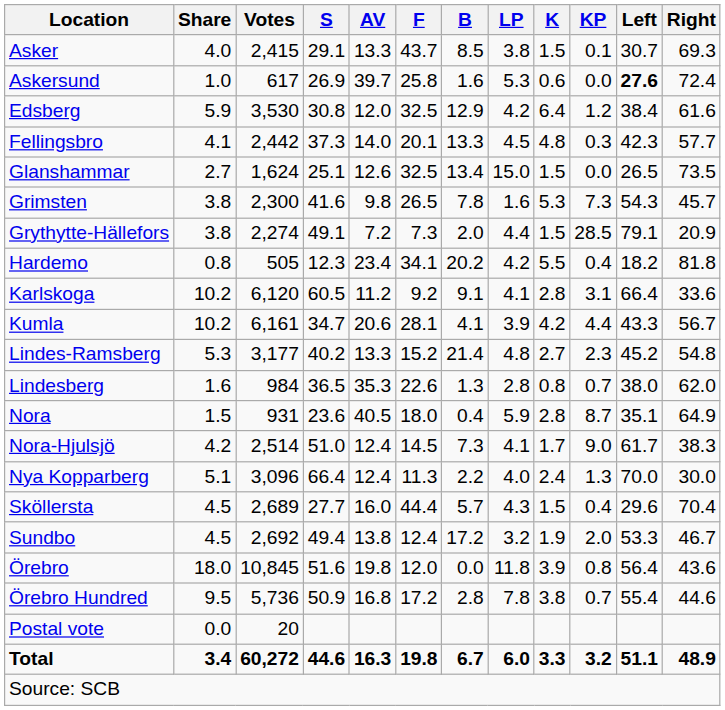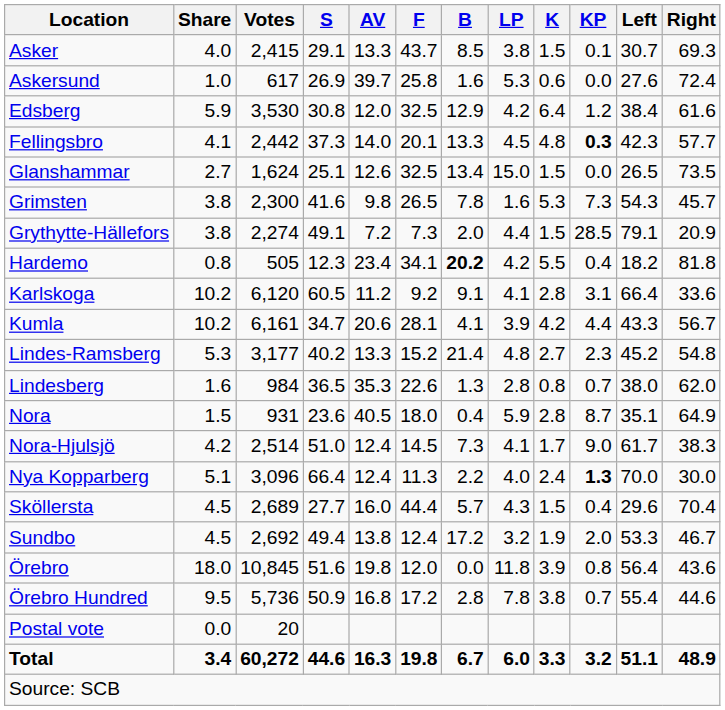 <table class="wikitable sortable" style=text-align:right>
 <tr>
 <th>Location</th>
 <th>Share</th>
 <th>Votes</th>
 <th><a href='#'>S</a></th>
 <th><a href='#'>AV</a></th>
 <th><a href='#'>F</a></th>
 <th><a href='#'>B</a></th>
 <th><a href='#'>LP</a></th>
 <th><a href='#'>K</a></th>
 <th><a href='#'>KP</a></th>
 <th>Left</th>
 <th>Right</th>
 </tr>
 <tr>
 <td align=left><a href='#'>Asker</a></td>
 <td>4.0</td>
 <td>2,415</td>
 <td>29.1</td>
 <td>13.3</td>
 <td>43.7</td>
 <td>8.5</td>
 <td>3.8</td>
 <td>1.5</td>
 <td>0.1</td>
 <td>30.7</td>
 <td>69.3</td>
 </tr>
 <tr>
 <td align=left><a href='#'>Askersund</a></td>
 <td>1.0</td>
 <td>617</td>
 <td>26.9</td>
 <td>39.7</td>
 <td>25.8</td>
 <td>1.6</td>
 <td>5.3</td>
 <td>0.6</td>
 <td>0.0</td>
-<td><strong>27.6</strong></td>
+<td>27.6</td>
 <td>72.4</td>
 </tr>
 <tr>
 <td align=left><a href='#'>Edsberg</a></td>
 <td>5.9</td>
 <td>3,530</td>
 <td>30.8</td>
 <td>12.0</td>
 <td>32.5</td>
 <td>12.9</td>
 <td>4.2</td>
 <td>6.4</td>
 <td>1.2</td>
 <td>38.4</td>
 <td>61.6</td>
 </tr>
 <tr>
 <td align=left><a href='#'>Fellingsbro</a></td>
 <td>4.1</td>
 <td>2,442</td>
 <td>37.3</td>
 <td>14.0</td>
 <td>20.1</td>
 <td>13.3</td>
 <td>4.5</td>
 <td>4.8</td>
-<td>0.3</td>
+<td><strong>0.3</strong></td>
 <td>42.3</td>
 <td>57.7</td>
 </tr>
 <tr>
 <td align=left><a href='#'>Glanshammar</a></td>
 <td>2.7</td>
 <td>1,624</td>
 <td>25.1</td>
 <td>12.6</td>
 <td>32.5</td>
 <td>13.4</td>
 <td>15.0</td>
 <td>1.5</td>
 <td>0.0</td>
 <td>26.5</td>
 <td>73.5</td>
 </tr>
 <tr>
 <td align=left><a href='#'>Grimsten</a></td>
 <td>3.8</td>
 <td>2,300</td>
 <td>41.6</td>
 <td>9.8</td>
 <td>26.5</td>
 <td>7.8</td>
 <td>1.6</td>
 <td>5.3</td>
 <td>7.3</td>
 <td>54.3</td>
 <td>45.7</td>
 </tr>
 <tr>
 <td align=left><a href='#'>Grythytte-Hällefors</a></td>
 <td>3.8</td>
 <td>2,274</td>
 <td>49.1</td>
 <td>7.2</td>
 <td>7.3</td>
 <td>2.0</td>
 <td>4.4</td>
 <td>1.5</td>
 <td>28.5</td>
 <td>79.1</td>
 <td>20.9</td>
 </tr>
 <tr>
 <td align=left><a href='#'>Hardemo</a></td>
 <td>0.8</td>
 <td>505</td>
 <td>12.3</td>
 <td>23.4</td>
 <td>34.1</td>
-<td>20.2</td>
+<td><strong>20.2</strong></td>
 <td>4.2</td>
 <td>5.5</td>
 <td>0.4</td>
 <td>18.2</td>
 <td>81.8</td>
 </tr>
 <tr>
 <td align=left><a href='#'>Karlskoga</a></td>
 <td>10.2</td>
 <td>6,120</td>
 <td>60.5</td>
 <td>11.2</td>
 <td>9.2</td>
 <td>9.1</td>
 <td>4.1</td>
 <td>2.8</td>
 <td>3.1</td>
 <td>66.4</td>
 <td>33.6</td>
 </tr>
 <tr>
 <td align=left><a href='#'>Kumla</a></td>
 <td>10.2</td>
 <td>6,161</td>
 <td>34.7</td>
 <td>20.6</td>
 <td>28.1</td>
 <td>4.1</td>
 <td>3.9</td>
 <td>4.2</td>
 <td>4.4</td>
 <td>43.3</td>
 <td>56.7</td>
 </tr>
 <tr>
 <td align=left><a href='#'>Lindes-Ramsberg</a></td>
 <td>5.3</td>
 <td>3,177</td>
 <td>40.2</td>
 <td>13.3</td>
 <td>15.2</td>
 <td>21.4</td>
 <td>4.8</td>
 <td>2.7</td>
 <td>2.3</td>
 <td>45.2</td>
 <td>54.8</td>
 </tr>
 <tr>
 <td align=left><a href='#'>Lindesberg</a></td>
 <td>1.6</td>
 <td>984</td>
 <td>36.5</td>
 <td>35.3</td>
 <td>22.6</td>
 <td>1.3</td>
 <td>2.8</td>
 <td>0.8</td>
 <td>0.7</td>
 <td>38.0</td>
 <td>62.0</td>
 </tr>
 <tr>
 <td align=left><a href='#'>Nora</a></td>
 <td>1.5</td>
 <td>931</td>
 <td>23.6</td>
 <td>40.5</td>
 <td>18.0</td>
 <td>0.4</td>
 <td>5.9</td>
 <td>2.8</td>
 <td>8.7</td>
 <td>35.1</td>
 <td>64.9</td>
 </tr>
 <tr>
 <td align=left><a href='#'>Nora-Hjulsjö</a></td>
 <td>4.2</td>
 <td>2,514</td>
 <td>51.0</td>
 <td>12.4</td>
 <td>14.5</td>
 <td>7.3</td>
 <td>4.1</td>
 <td>1.7</td>
 <td>9.0</td>
 <td>61.7</td>
 <td>38.3</td>
 </tr>
 <tr>
 <td align=left><a href='#'>Nya Kopparberg</a></td>
 <td>5.1</td>
 <td>3,096</td>
 <td>66.4</td>
 <td>12.4</td>
 <td>11.3</td>
 <td>2.2</td>
 <td>4.0</td>
 <td>2.4</td>
-<td>1.3</td>
+<td><strong>1.3</strong></td>
 <td>70.0</td>
 <td>30.0</td>
 </tr>
 <tr>
 <td align=left><a href='#'>Sköllersta</a></td>
 <td>4.5</td>
 <td>2,689</td>
 <td>27.7</td>
 <td>16.0</td>
 <td>44.4</td>
 <td>5.7</td>
 <td>4.3</td>
 <td>1.5</td>
 <td>0.4</td>
 <td>29.6</td>
 <td>70.4</td>
 </tr>
 <tr>
 <td align=left><a href='#'>Sundbo</a></td>
 <td>4.5</td>
 <td>2,692</td>
 <td>49.4</td>
 <td>13.8</td>
 <td>12.4</td>
 <td>17.2</td>
 <td>3.2</td>
 <td>1.9</td>
 <td>2.0</td>
 <td>53.3</td>
 <td>46.7</td>
 </tr>
 <tr>
 <td align=left><a href='#'>Örebro</a></td>
 <td>18.0</td>
 <td>10,845</td>
 <td>51.6</td>
 <td>19.8</td>
 <td>12.0</td>
 <td>0.0</td>
 <td>11.8</td>
 <td>3.9</td>
 <td>0.8</td>
 <td>56.4</td>
 <td>43.6</td>
 </tr>
 <tr>
 <td align=left><a href='#'>Örebro Hundred</a></td>
 <td>9.5</td>
 <td>5,736</td>
 <td>50.9</td>
 <td>16.8</td>
 <td>17.2</td>
 <td>2.8</td>
 <td>7.8</td>
 <td>3.8</td>
 <td>0.7</td>
 <td>55.4</td>
 <td>44.6</td>
 </tr>
 <tr>
 <td align=left><a href='#'>Postal vote</a></td>
 <td>0.0</td>
 <td>20</td>
 <td></td>
 <td></td>
 <td></td>
 <td></td>
 <td></td>
 <td></td>
 <td></td>
 <td></td>
 <td></td>
 </tr>
 <tr>
 <td align=left><strong>Total</strong></td>
 <td><strong>3.4</strong></td>
 <td><strong>60,272</strong></td>
 <td><strong>44.6</strong></td>
 <td><strong>16.3</strong></td>
 <td><strong>19.8</strong></td>
 <td><strong>6.7</strong></td>
 <td><strong>6.0</strong></td>
 <td><strong>3.3</strong></td>
 <td><strong>3.2</strong></td>
 <td><strong>51.1</strong></td>
 <td><strong>48.9</strong></td>
 </tr>
 <tr>
 <td align=left colspan=12>Source: SCB </td>
 </tr>
 </table>
